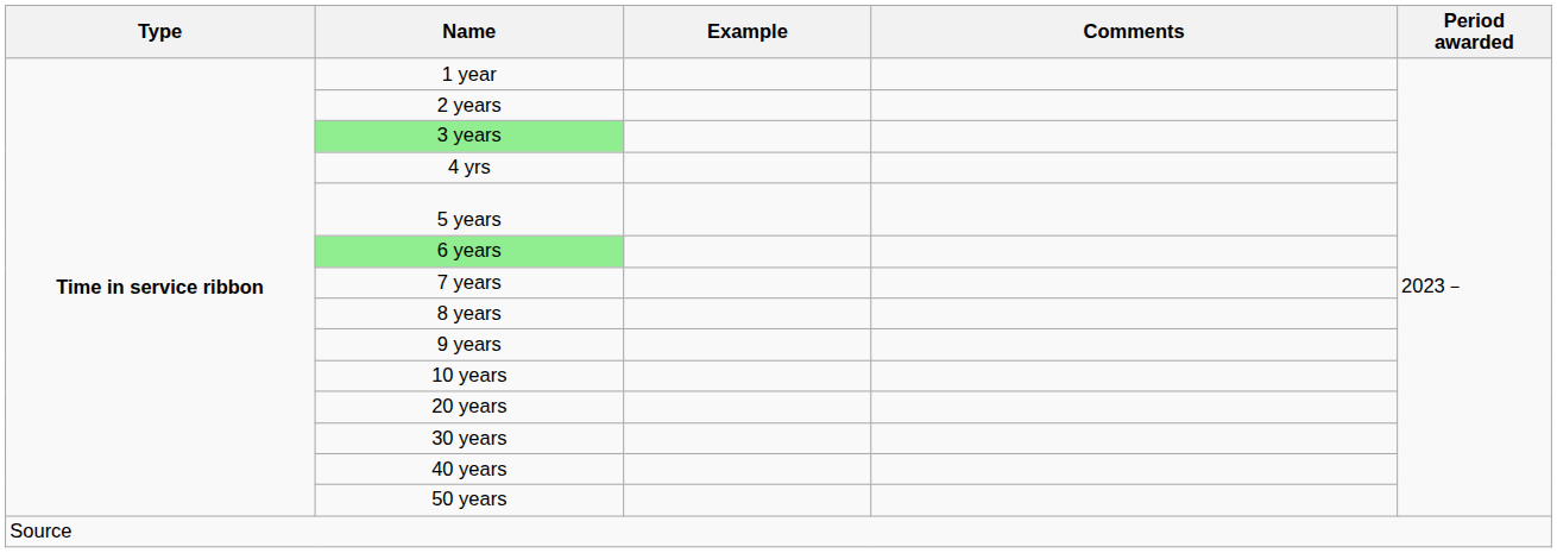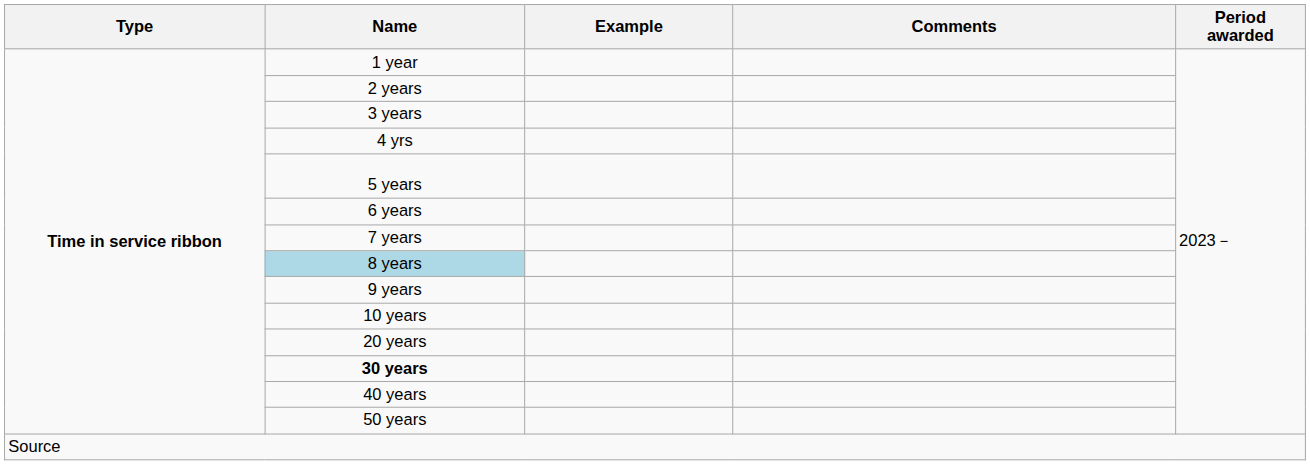 <table class="wikitable" width="100%">
 <tr>
 <th width="20%">Type</th>
 <th width="20%">Name</th>
 <th width="16%">Example</th>
 <th>Comments</th>
 <th width="10%">Period awarded</th>
 </tr>
 <tr>
 <td rowspan=14 style="text-align: center;"><strong>Time in service ribbon</strong></td>
 <td style="text-align: center;">1 year</td>
 <td></td>
 <td></td>
 <td rowspan=14>2023－</td>
 </tr>
 <tr>
 <td style="text-align: center;">2 years</td>
 <td></td>
 <td></td>
 </tr>
 <tr>
-<td style="background: lightgreen; text-align: center;">3 years</td>
+<td style="text-align: center;">3 years</td>
 <td></td>
 <td></td>
 </tr>
 <tr>
 <td style="text-align: center;">4 yrs</td>
 <td></td>
 <td></td>
 </tr>
 <tr>
 <td style="text-align: center;"><br>5 years</td>
 <td></td>
 <td></td>
 </tr>
 <tr>
-<td style="background: lightgreen; text-align: center;">6 years</td>
+<td style="text-align: center;">6 years</td>
 <td></td>
 <td></td>
 </tr>
 <tr>
 <td style="text-align: center;">7 years</td>
 <td></td>
 <td></td>
 </tr>
 <tr>
-<td style="text-align: center;">8 years</td>
+<td style="background: lightblue; text-align: center;">8 years</td>
 <td></td>
 <td></td>
 </tr>
 <tr>
 <td style="text-align: center;">9 years</td>
 <td></td>
 <td></td>
 </tr>
 <tr>
 <td style="text-align: center;">10 years</td>
 <td></td>
 <td></td>
 </tr>
 <tr>
 <td style="text-align: center;">20 years</td>
 <td></td>
 <td></td>
 </tr>
 <tr>
-<td style="text-align: center;">30 years</td>
+<td style="text-align: center;"><strong>30 years</strong></td>
 <td></td>
 <td></td>
 </tr>
 <tr>
 <td style="text-align: center;">40 years</td>
 <td></td>
 <td></td>
 </tr>
 <tr>
 <td style="text-align: center;">50 years</td>
 <td></td>
 <td></td>
 </tr>
 <tr>
 <td colspan="5">Source</td>
 </tr>
 </table>
